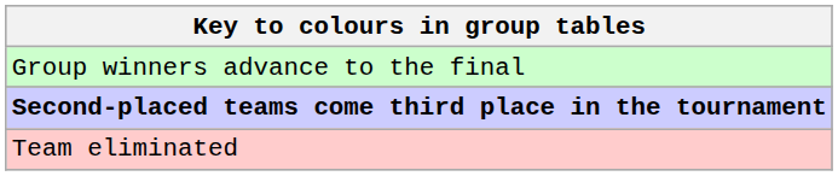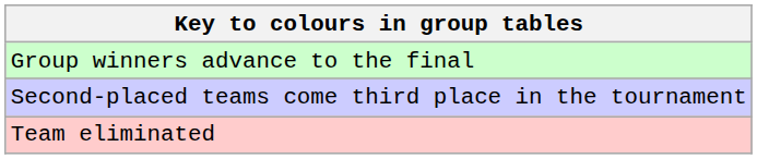 <table class="wikitable">
 <tr>
 <th>Key to colours in group tables</th>
 </tr>
 <tr bgcolor="#ccffcc">
 <td>Group winners advance to the final</td>
 </tr>
 <tr bgcolor="#ccccff">
-<td><strong>Second-placed teams come third place in the tournament</strong></td>
+<td>Second-placed teams come third place in the tournament</td>
 </tr>
 <tr bgcolor="#ffcccc">
 <td>Team eliminated</td>
 </tr>
 </table>
